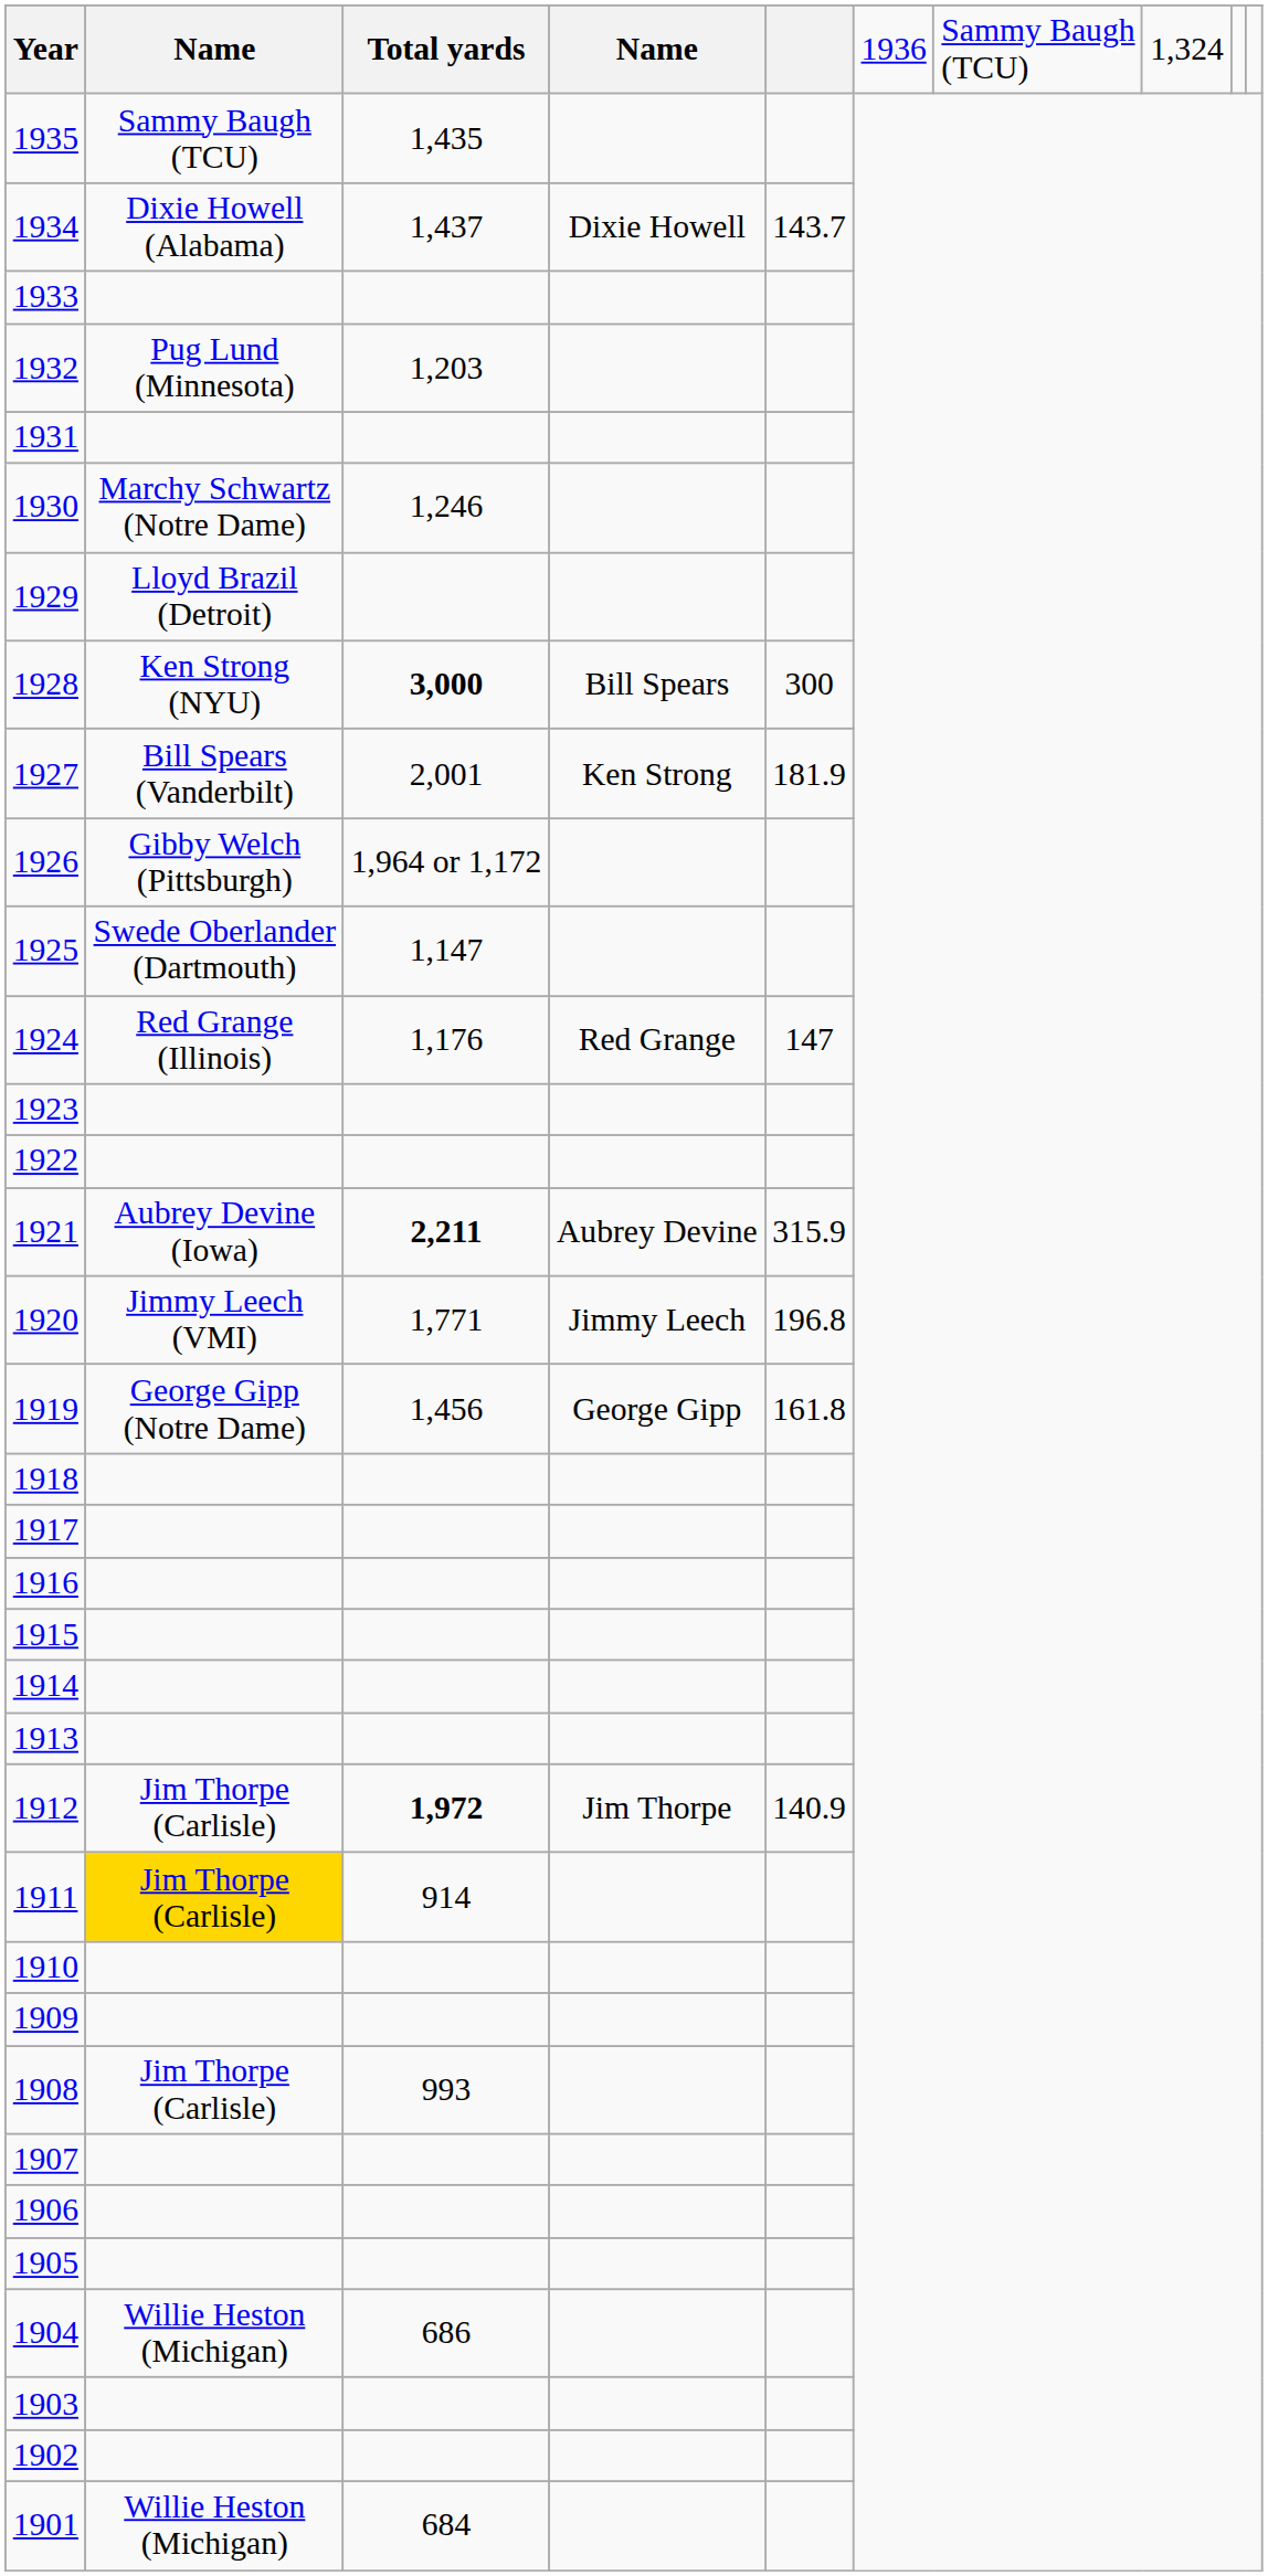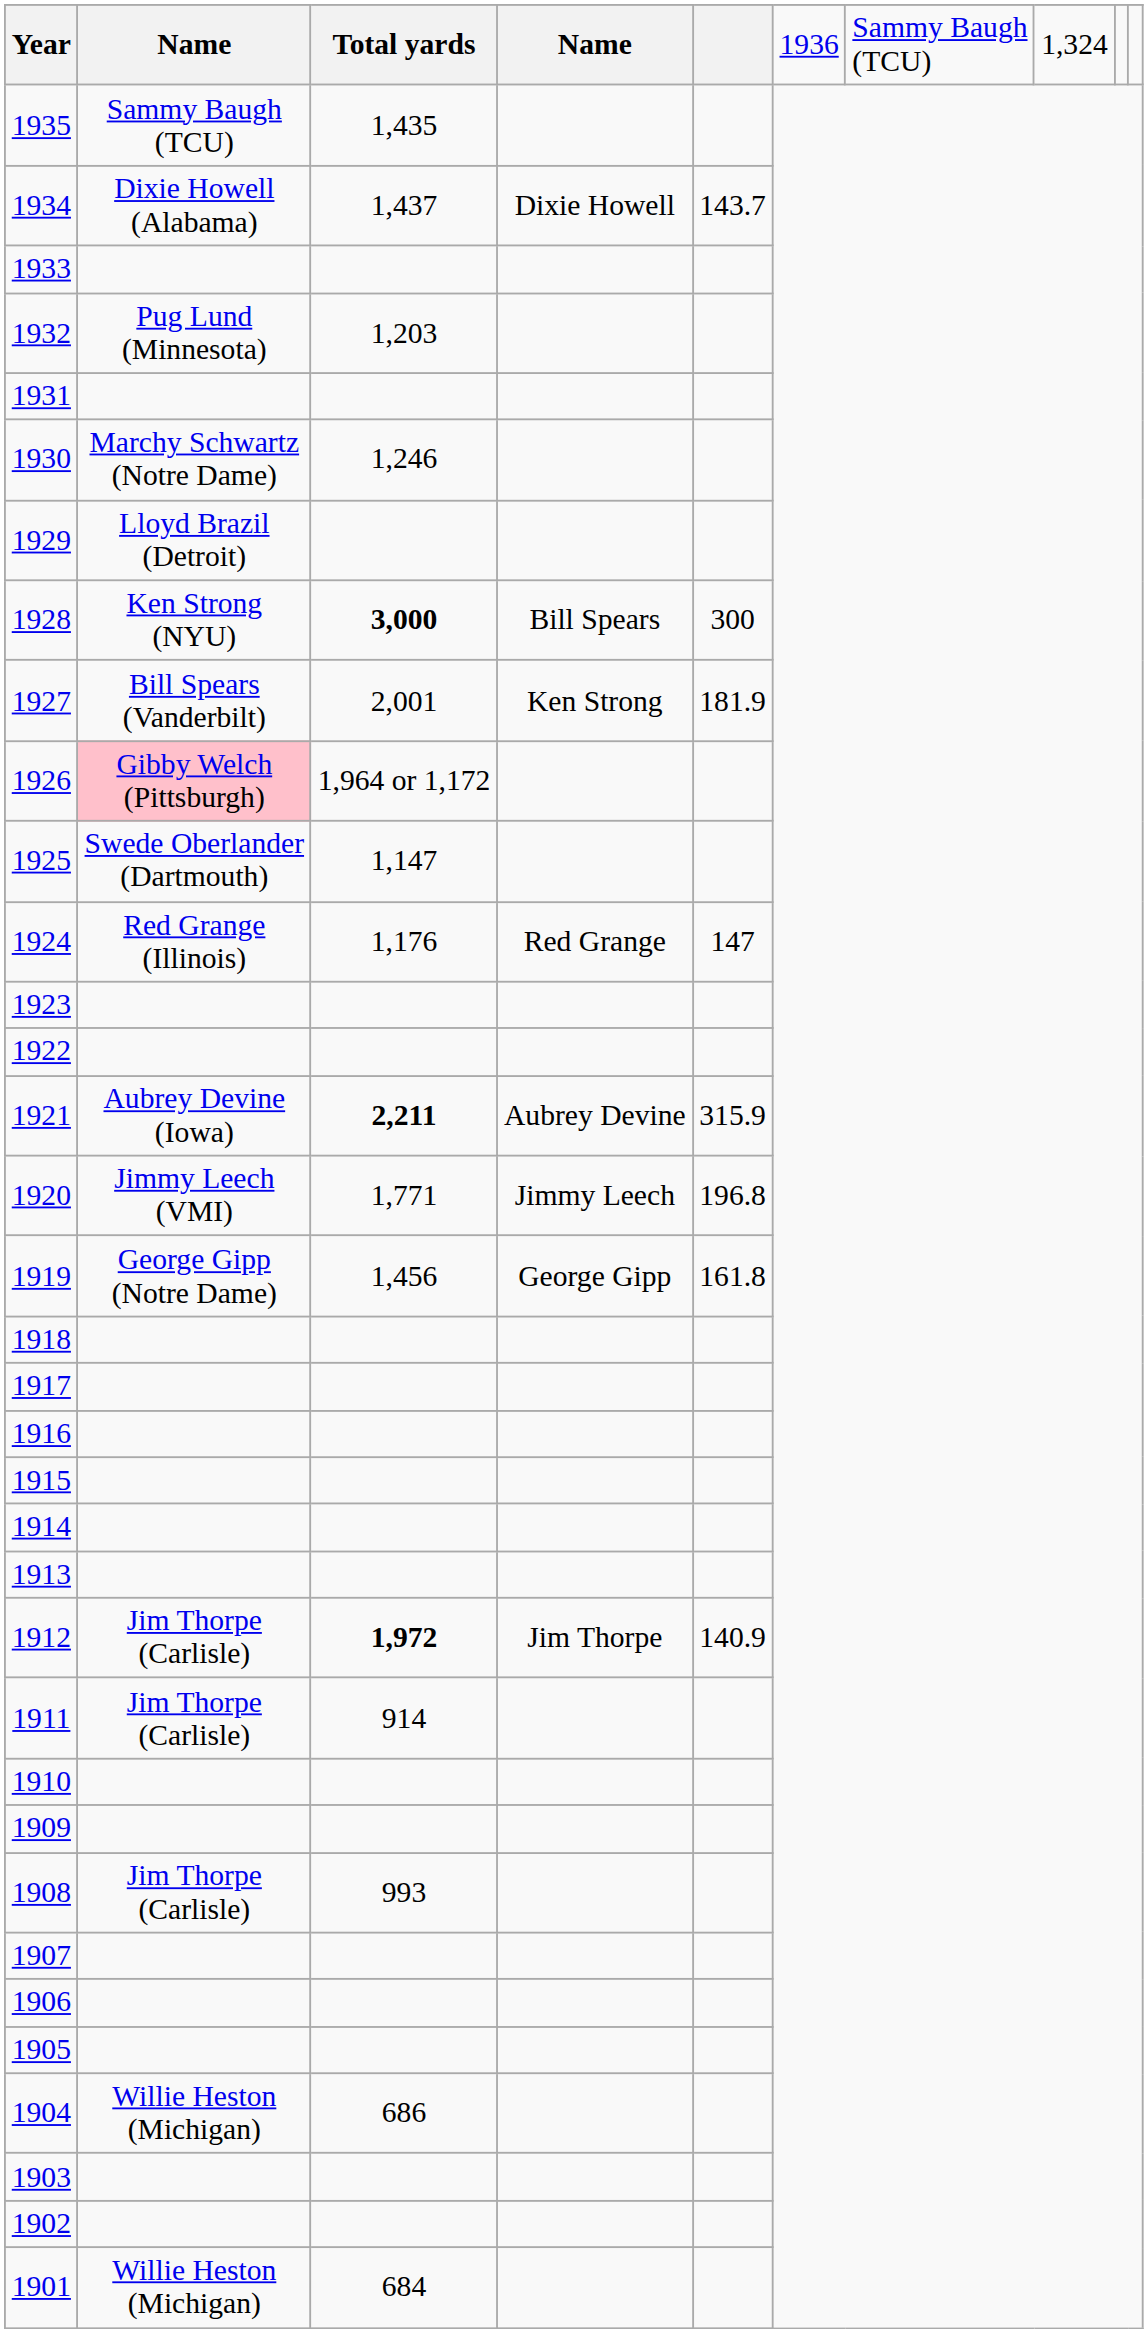 <table class="wikitable sortable">
 <tr>
 <th>Year</th>
 <th>Name</th>
 <th>Total yards</th>
 <th>Name</th>
 <th></th>
 <td><a href='#'>1936</a></td>
 <td><a href='#'>Sammy Baugh</a><br>(TCU)</td>
 <td>1,324</td>
 <td></td>
 <td></td>
 </tr>
 <tr align="center">
 <td><a href='#'>1935</a></td>
 <td><a href='#'>Sammy Baugh</a><br>(TCU)</td>
 <td>1,435</td>
 <td></td>
 <td></td>
 </tr>
 <tr align="center">
 <td><a href='#'>1934</a></td>
 <td><a href='#'>Dixie Howell</a><br>(Alabama)</td>
 <td>1,437</td>
 <td>Dixie Howell</td>
 <td>143.7</td>
 </tr>
 <tr align="center">
 <td><a href='#'>1933</a></td>
 <td></td>
 <td></td>
 <td></td>
 <td></td>
 </tr>
 <tr align="center">
 <td><a href='#'>1932</a></td>
 <td><a href='#'>Pug Lund</a><br>(Minnesota)</td>
 <td>1,203</td>
 <td></td>
 <td></td>
 </tr>
 <tr align="center">
 <td><a href='#'>1931</a></td>
 <td></td>
 <td></td>
 <td></td>
 <td></td>
 </tr>
 <tr align="center">
 <td><a href='#'>1930</a></td>
 <td><a href='#'>Marchy Schwartz</a><br>(Notre Dame)</td>
 <td>1,246</td>
 <td></td>
 <td></td>
 </tr>
 <tr align="center">
 <td><a href='#'>1929</a></td>
 <td><a href='#'>Lloyd Brazil</a><br>(Detroit)</td>
 <td></td>
 <td></td>
 <td></td>
 </tr>
 <tr align="center">
 <td><a href='#'>1928</a></td>
 <td><a href='#'>Ken Strong</a><br>(NYU)</td>
 <td><strong>3,000</strong></td>
 <td>Bill Spears</td>
 <td>300</td>
 </tr>
 <tr align="center">
 <td><a href='#'>1927</a></td>
 <td><a href='#'>Bill Spears</a><br>(Vanderbilt)</td>
 <td>2,001</td>
 <td>Ken Strong</td>
 <td>181.9</td>
 </tr>
 <tr align="center">
 <td><a href='#'>1926</a></td>
-<td><a href='#'>Gibby Welch</a><br>(Pittsburgh)</td>
+<td style="background: pink;"><a href='#'>Gibby Welch</a><br>(Pittsburgh)</td>
 <td>1,964 or 1,172</td>
 <td></td>
 <td></td>
 </tr>
 <tr align="center">
 <td><a href='#'>1925</a></td>
 <td><a href='#'>Swede Oberlander</a><br>(Dartmouth)</td>
 <td>1,147</td>
 <td></td>
 <td></td>
 </tr>
 <tr align="center">
 <td><a href='#'>1924</a></td>
 <td><a href='#'>Red Grange</a><br>(Illinois)</td>
 <td>1,176</td>
 <td>Red Grange</td>
 <td>147</td>
 </tr>
 <tr align="center">
 <td><a href='#'>1923</a></td>
 <td></td>
 <td></td>
 <td></td>
 <td></td>
 </tr>
 <tr align="center">
 <td><a href='#'>1922</a></td>
 <td></td>
 <td></td>
 <td></td>
 <td></td>
 </tr>
 <tr align="center">
 <td><a href='#'>1921</a></td>
 <td><a href='#'>Aubrey Devine</a><br>(Iowa)</td>
 <td><strong>2,211</strong></td>
 <td>Aubrey Devine</td>
 <td>315.9</td>
 </tr>
 <tr align="center">
 <td><a href='#'>1920</a></td>
 <td><a href='#'>Jimmy Leech</a><br>(VMI)</td>
 <td>1,771</td>
 <td>Jimmy Leech</td>
 <td>196.8</td>
 </tr>
 <tr align="center">
 <td><a href='#'>1919</a></td>
 <td><a href='#'>George Gipp</a><br>(Notre Dame)</td>
 <td>1,456</td>
 <td>George Gipp</td>
 <td>161.8</td>
 </tr>
 <tr align="center">
 <td><a href='#'>1918</a></td>
 <td></td>
 <td></td>
 <td></td>
 <td></td>
 </tr>
 <tr align="center">
 <td><a href='#'>1917</a></td>
 <td></td>
 <td></td>
 <td></td>
 <td></td>
 </tr>
 <tr align="center">
 <td><a href='#'>1916</a></td>
 <td></td>
 <td></td>
 <td></td>
 <td></td>
 </tr>
 <tr align="center">
 <td><a href='#'>1915</a></td>
 <td></td>
 <td></td>
 <td></td>
 <td></td>
 </tr>
 <tr align="center">
 <td><a href='#'>1914</a></td>
 <td></td>
 <td></td>
 <td></td>
 <td></td>
 </tr>
 <tr align="center">
 <td><a href='#'>1913</a></td>
 <td></td>
 <td></td>
 <td></td>
 <td></td>
 </tr>
 <tr align="center">
 <td><a href='#'>1912</a></td>
 <td><a href='#'>Jim Thorpe</a><br>(Carlisle)</td>
 <td><strong>1,972</strong></td>
 <td>Jim Thorpe</td>
 <td>140.9</td>
 </tr>
 <tr align="center">
 <td><a href='#'>1911</a></td>
-<td style="background: gold;"><a href='#'>Jim Thorpe</a><br>(Carlisle)</td>
+<td><a href='#'>Jim Thorpe</a><br>(Carlisle)</td>
 <td>914</td>
 <td></td>
 <td></td>
 </tr>
 <tr align="center">
 <td><a href='#'>1910</a></td>
 <td></td>
 <td></td>
 <td></td>
 <td></td>
 </tr>
 <tr align="center">
 <td><a href='#'>1909</a></td>
 <td></td>
 <td></td>
 <td></td>
 <td></td>
 </tr>
 <tr align="center">
 <td><a href='#'>1908</a></td>
 <td><a href='#'>Jim Thorpe</a><br>(Carlisle)</td>
 <td>993</td>
 <td></td>
 <td></td>
 </tr>
 <tr align="center">
 <td><a href='#'>1907</a></td>
 <td></td>
 <td></td>
 <td></td>
 <td></td>
 </tr>
 <tr align="center">
 <td><a href='#'>1906</a></td>
 <td></td>
 <td></td>
 <td></td>
 <td></td>
 </tr>
 <tr align="center">
 <td><a href='#'>1905</a></td>
 <td></td>
 <td></td>
 <td></td>
 <td></td>
 </tr>
 <tr align="center">
 <td><a href='#'>1904</a></td>
 <td><a href='#'>Willie Heston</a><br>(Michigan)</td>
 <td>686</td>
 <td></td>
 <td></td>
 </tr>
 <tr align="center">
 <td><a href='#'>1903</a></td>
 <td></td>
 <td></td>
 <td></td>
 <td></td>
 </tr>
 <tr align="center">
 <td><a href='#'>1902</a></td>
 <td></td>
 <td></td>
 <td></td>
 <td></td>
 </tr>
 <tr align="center"|- align="center">
 <td><a href='#'>1901</a></td>
 <td><a href='#'>Willie Heston</a><br>(Michigan)</td>
 <td>684</td>
 <td></td>
 <td></td>
 </tr>
 <tr align="center">
 </tr>
 </table>
